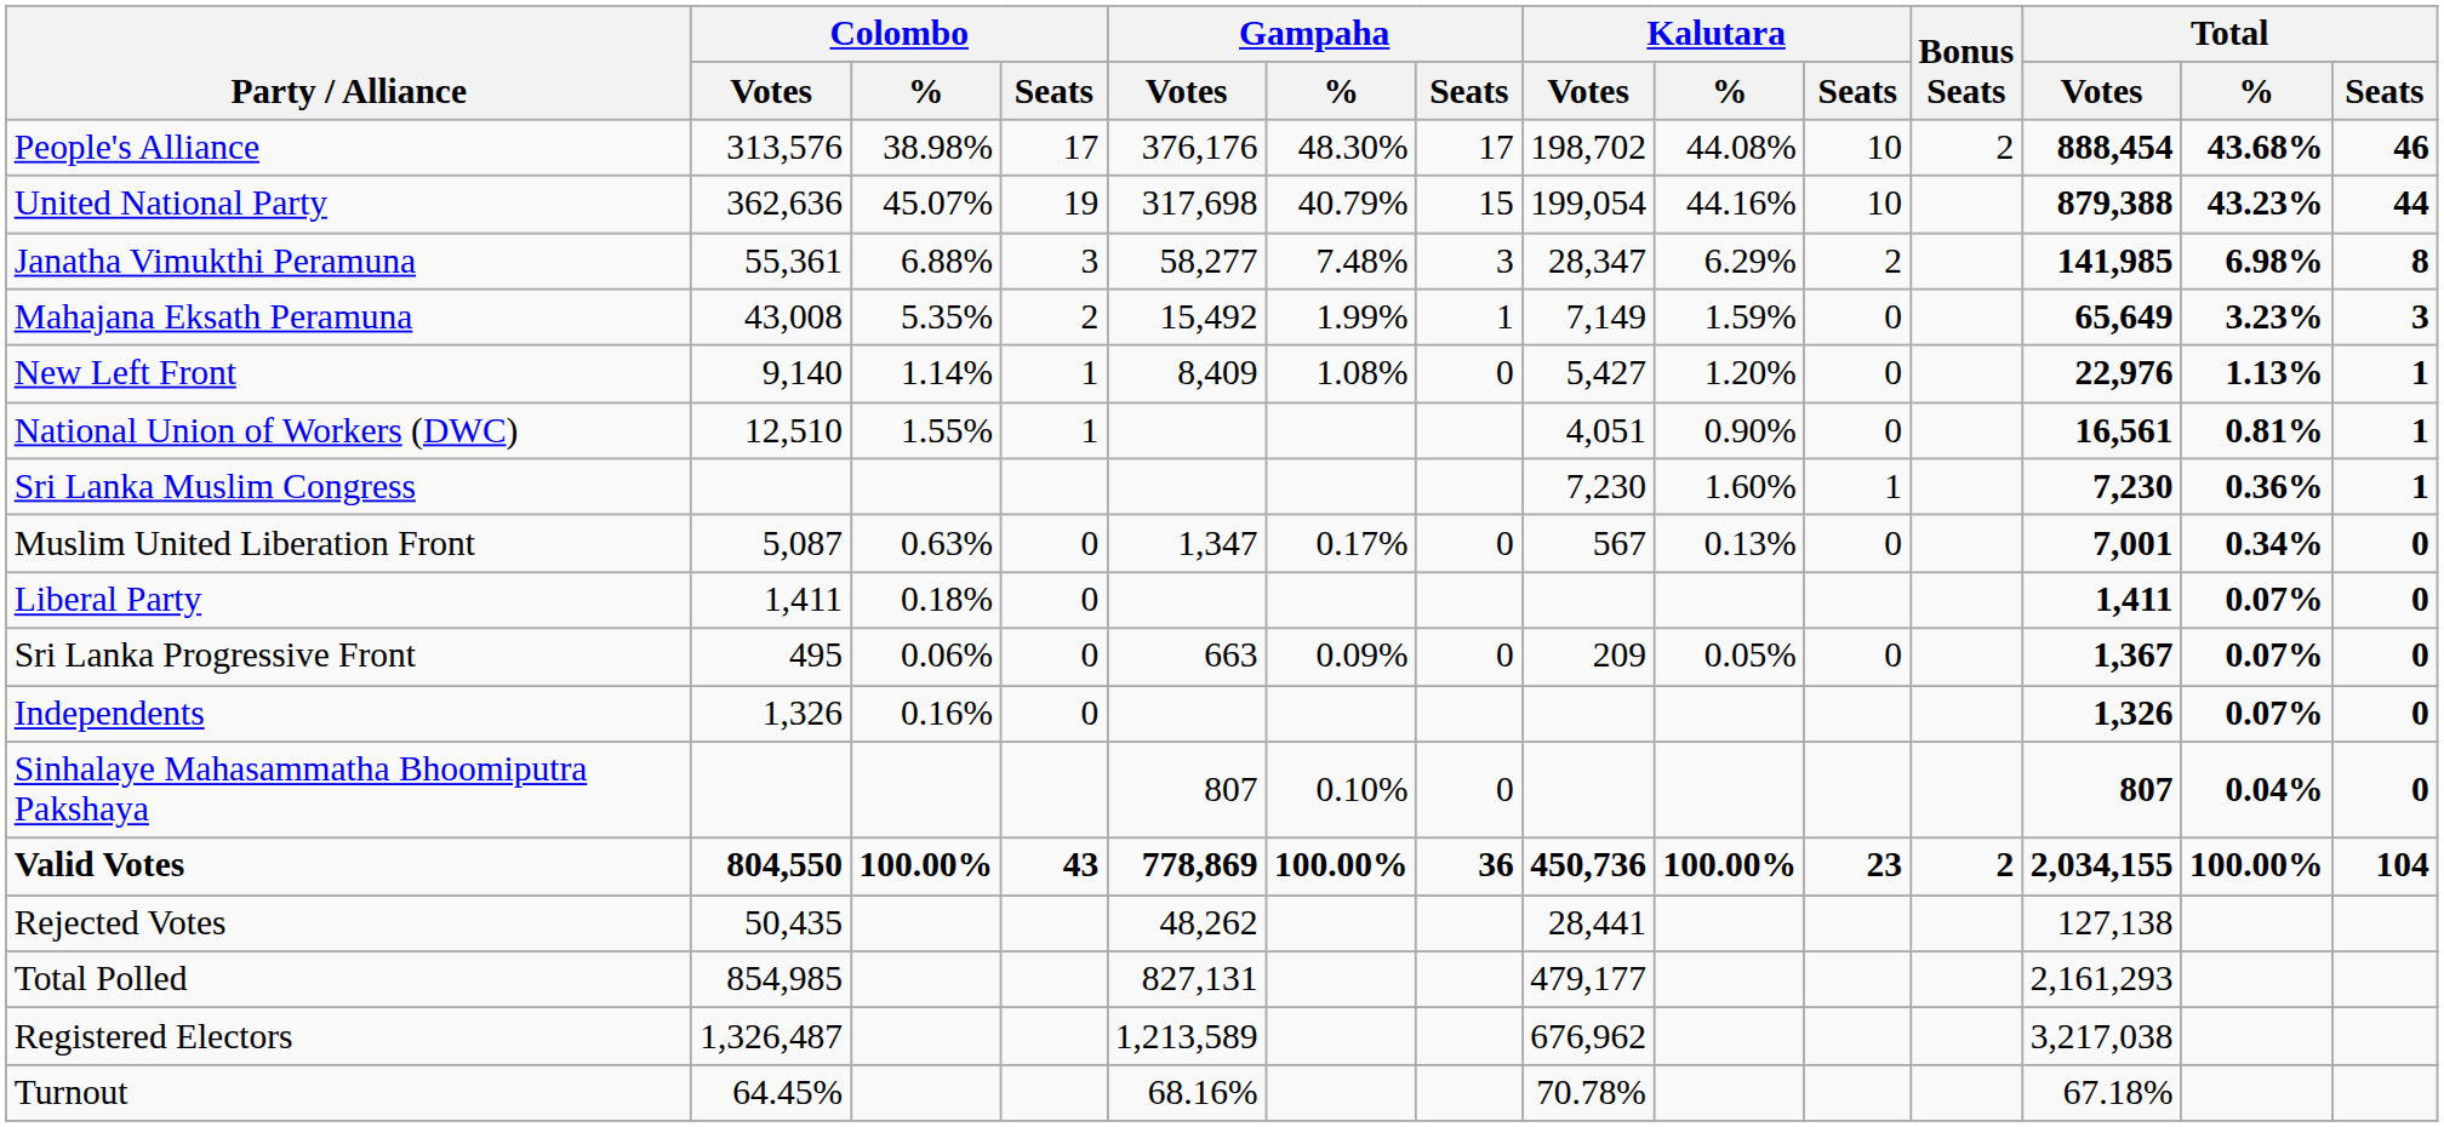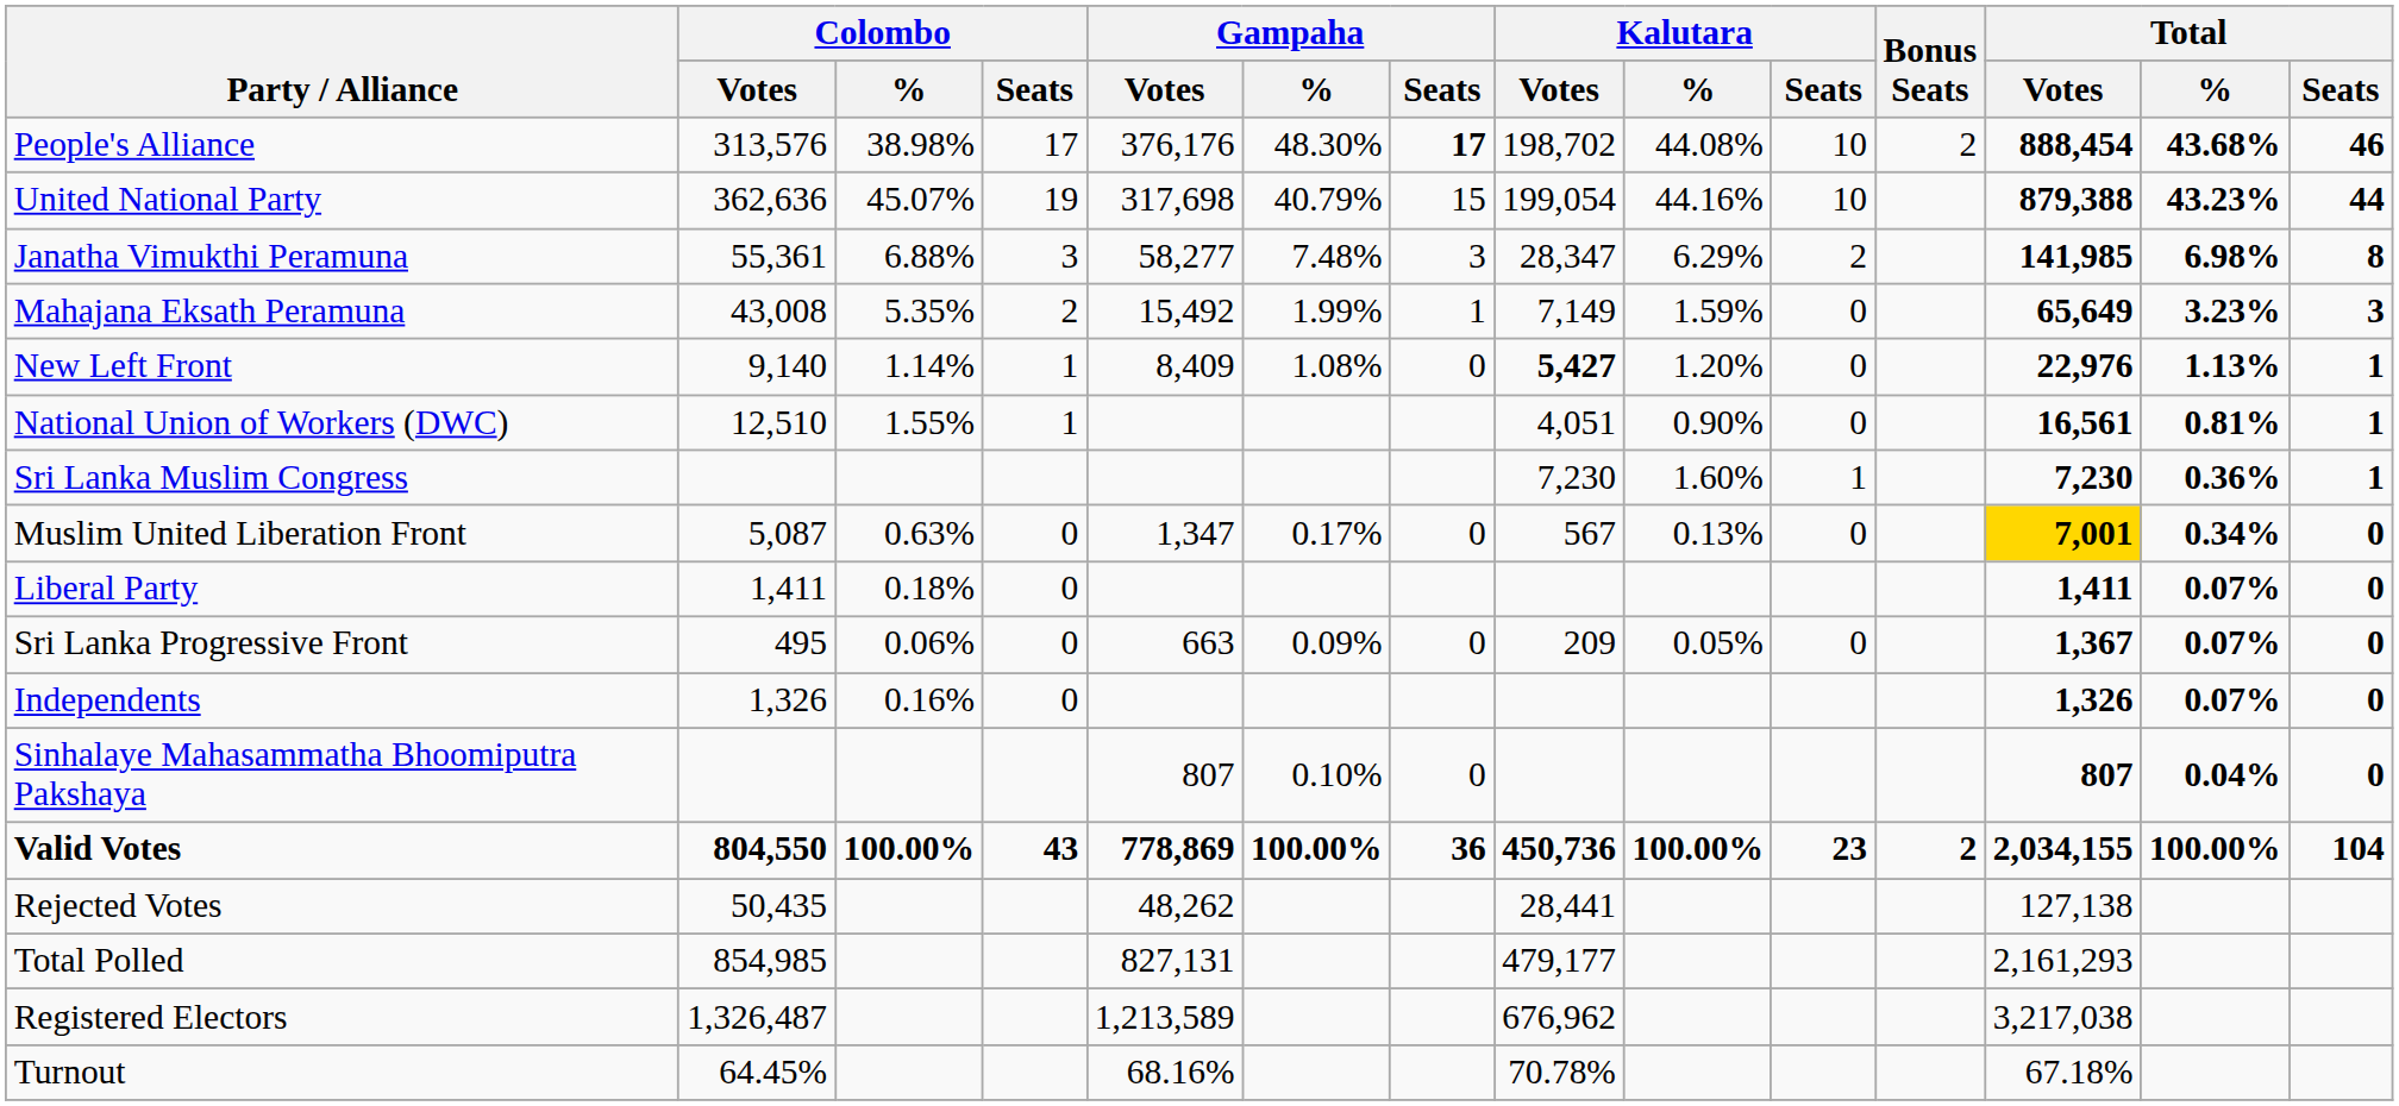 <table class="wikitable" border="1" style="text-align:right;">
 <tr>
 <th valign=bottom rowspan=2 width="300">Party / Alliance</th>
 <th colspan=3><a href='#'>Colombo</a></th>
 <th colspan=3><a href='#'>Gampaha</a></th>
 <th colspan=3><a href='#'>Kalutara</a></th>
 <th valign=bottom rowspan=2 width="40">Bonus<br>Seats</th>
 <th colspan=3>Total</th>
 </tr>
 <tr>
 <th align=center valign=bottom width="50">Votes</th>
 <th align=center valign=bottom width="50">%</th>
 <th align=center valign=bottom width="40">Seats</th>
 <th align=center valign=bottom width="50">Votes</th>
 <th align=center valign=bottom width="50">%</th>
 <th align=center valign=bottom width="40">Seats</th>
 <th align=center valign=bottom width="50">Votes</th>
 <th align=center valign=bottom width="50">%</th>
 <th align=center valign=bottom width="40">Seats</th>
 <th align=center valign=bottom width="50">Votes</th>
 <th align=center valign=bottom width="50">%</th>
 <th align=center valign=bottom width="40">Seats</th>
 </tr>
 <tr>
 <td align=left><a href='#'>People's Alliance</a></td>
 <td>313,576</td>
 <td>38.98%</td>
 <td>17</td>
 <td>376,176</td>
 <td>48.30%</td>
-<td>17</td>
+<td><strong>17</strong></td>
 <td>198,702</td>
 <td>44.08%</td>
 <td>10</td>
 <td>2</td>
 <td><strong>888,454</strong></td>
 <td><strong>43.68%</strong></td>
 <td><strong>46</strong></td>
 </tr>
 <tr>
 <td align=left><a href='#'>United National Party</a></td>
 <td>362,636</td>
 <td>45.07%</td>
 <td>19</td>
 <td>317,698</td>
 <td>40.79%</td>
 <td>15</td>
 <td>199,054</td>
 <td>44.16%</td>
 <td>10</td>
 <td></td>
 <td><strong>879,388</strong></td>
 <td><strong>43.23%</strong></td>
 <td><strong>44</strong></td>
 </tr>
 <tr>
 <td align=left><a href='#'>Janatha Vimukthi Peramuna</a></td>
 <td>55,361</td>
 <td>6.88%</td>
 <td>3</td>
 <td>58,277</td>
 <td>7.48%</td>
 <td>3</td>
 <td>28,347</td>
 <td>6.29%</td>
 <td>2</td>
 <td></td>
 <td><strong>141,985</strong></td>
 <td><strong>6.98%</strong></td>
 <td><strong>8</strong></td>
 </tr>
 <tr>
 <td align=left><a href='#'>Mahajana Eksath Peramuna</a></td>
 <td>43,008</td>
 <td>5.35%</td>
 <td>2</td>
 <td>15,492</td>
 <td>1.99%</td>
 <td>1</td>
 <td>7,149</td>
 <td>1.59%</td>
 <td>0</td>
 <td></td>
 <td><strong>65,649</strong></td>
 <td><strong>3.23%</strong></td>
 <td><strong>3</strong></td>
 </tr>
 <tr>
 <td align=left><a href='#'>New Left Front</a></td>
 <td>9,140</td>
 <td>1.14%</td>
 <td>1</td>
 <td>8,409</td>
 <td>1.08%</td>
 <td>0</td>
-<td>5,427</td>
+<td><strong>5,427</strong></td>
 <td>1.20%</td>
 <td>0</td>
 <td></td>
 <td><strong>22,976</strong></td>
 <td><strong>1.13%</strong></td>
 <td><strong>1</strong></td>
 </tr>
 <tr>
 <td align=left><a href='#'>National Union of Workers</a> (<a href='#'>DWC</a>)</td>
 <td>12,510</td>
 <td>1.55%</td>
 <td>1</td>
 <td></td>
 <td></td>
 <td></td>
 <td>4,051</td>
 <td>0.90%</td>
 <td>0</td>
 <td></td>
 <td><strong>16,561</strong></td>
 <td><strong>0.81%</strong></td>
 <td><strong>1</strong></td>
 </tr>
 <tr>
 <td align=left><a href='#'>Sri Lanka Muslim Congress</a></td>
 <td></td>
 <td></td>
 <td></td>
 <td></td>
 <td></td>
 <td></td>
 <td>7,230</td>
 <td>1.60%</td>
 <td>1</td>
 <td></td>
 <td><strong>7,230</strong></td>
 <td><strong>0.36%</strong></td>
 <td><strong>1</strong></td>
 </tr>
 <tr>
 <td align=left>Muslim United Liberation Front</td>
 <td>5,087</td>
 <td>0.63%</td>
 <td>0</td>
 <td>1,347</td>
 <td>0.17%</td>
 <td>0</td>
 <td>567</td>
 <td>0.13%</td>
 <td>0</td>
 <td></td>
-<td><strong>7,001</strong></td>
+<td style="background: gold;"><strong>7,001</strong></td>
 <td><strong>0.34%</strong></td>
 <td><strong>0</strong></td>
 </tr>
 <tr>
 <td align=left><a href='#'>Liberal Party</a></td>
 <td>1,411</td>
 <td>0.18%</td>
 <td>0</td>
 <td></td>
 <td></td>
 <td></td>
 <td></td>
 <td></td>
 <td></td>
 <td></td>
 <td><strong>1,411</strong></td>
 <td><strong>0.07%</strong></td>
 <td><strong>0</strong></td>
 </tr>
 <tr>
 <td align=left>Sri Lanka Progressive Front</td>
 <td>495</td>
 <td>0.06%</td>
 <td>0</td>
 <td>663</td>
 <td>0.09%</td>
 <td>0</td>
 <td>209</td>
 <td>0.05%</td>
 <td>0</td>
 <td></td>
 <td><strong>1,367</strong></td>
 <td><strong>0.07%</strong></td>
 <td><strong>0</strong></td>
 </tr>
 <tr>
 <td align=left><a href='#'>Independents</a></td>
 <td>1,326</td>
 <td>0.16%</td>
 <td>0</td>
 <td></td>
 <td></td>
 <td></td>
 <td></td>
 <td></td>
 <td></td>
 <td></td>
 <td><strong>1,326</strong></td>
 <td><strong>0.07%</strong></td>
 <td><strong>0</strong></td>
 </tr>
 <tr>
 <td align=left><a href='#'>Sinhalaye Mahasammatha Bhoomiputra Pakshaya</a></td>
 <td></td>
 <td></td>
 <td></td>
 <td>807</td>
 <td>0.10%</td>
 <td>0</td>
 <td></td>
 <td></td>
 <td></td>
 <td></td>
 <td><strong>807</strong></td>
 <td><strong>0.04%</strong></td>
 <td><strong>0</strong></td>
 </tr>
 <tr>
 <td align=left><strong>Valid Votes</strong></td>
 <td><strong>804,550</strong></td>
 <td><strong>100.00%</strong></td>
 <td><strong>43</strong></td>
 <td><strong>778,869</strong></td>
 <td><strong>100.00%</strong></td>
 <td><strong>36</strong></td>
 <td><strong>450,736</strong></td>
 <td><strong>100.00%</strong></td>
 <td><strong>23</strong></td>
 <td><strong>2</strong></td>
 <td><strong>2,034,155</strong></td>
 <td><strong>100.00%</strong></td>
 <td><strong>104</strong></td>
 </tr>
 <tr>
 <td align=left>Rejected Votes</td>
 <td>50,435</td>
 <td></td>
 <td></td>
 <td>48,262</td>
 <td></td>
 <td></td>
 <td>28,441</td>
 <td></td>
 <td></td>
 <td></td>
 <td>127,138</td>
 <td></td>
 <td></td>
 </tr>
 <tr>
 <td align=left>Total Polled</td>
 <td>854,985</td>
 <td></td>
 <td></td>
 <td>827,131</td>
 <td></td>
 <td></td>
 <td>479,177</td>
 <td></td>
 <td></td>
 <td></td>
 <td>2,161,293</td>
 <td></td>
 <td></td>
 </tr>
 <tr>
 <td align=left>Registered Electors</td>
 <td>1,326,487</td>
 <td></td>
 <td></td>
 <td>1,213,589</td>
 <td></td>
 <td></td>
 <td>676,962</td>
 <td></td>
 <td></td>
 <td></td>
 <td>3,217,038</td>
 <td></td>
 <td></td>
 </tr>
 <tr>
 <td align=left>Turnout</td>
 <td>64.45%</td>
 <td></td>
 <td></td>
 <td>68.16%</td>
 <td></td>
 <td></td>
 <td>70.78%</td>
 <td></td>
 <td></td>
 <td></td>
 <td>67.18%</td>
 <td></td>
 <td></td>
 </tr>
 </table>
